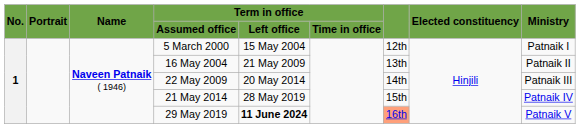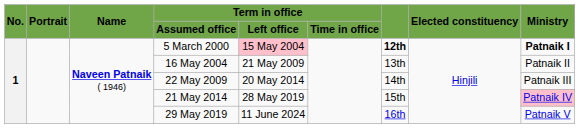 <table class="wikitable sortable" style="text-align:center;">
 <tr>
 <th rowspan=2 style="background-color:#70A548;color:black">No.</th>
 <th rowspan=2 style="background-color:#70A548;color:black">Portrait</th>
 <th rowspan=2 style="background-color:#70A548;color:black">Name<br></th>
 <th colspan=3 style="background-color:#70A548;color:black">Term in office</th>
 <th rowspan=2 style="background-color:#70A548;color:black"><a href='#'></a><br></th>
 <th rowspan=2 style="background-color:#70A548;color:black">Elected constituency</th>
 <th rowspan=2 style="background-color:#70A548;color:black">Ministry</th>
 </tr>
 <tr>
 <th style="background-color:#70A548;color:black">Assumed office</th>
 <th style="background-color:#70A548;color:black">Left office</th>
 <th style="background-color:#70A548;color:black">Time in office</th>
 </tr>
 <tr>
 <th rowspan=5>1</th>
 <td rowspan=5></td>
 <td rowspan=5><strong><a href='#'>Naveen Patnaik</a></strong><br><small>( 1946)</small></td>
 <td>5 March 2000</td>
-<td>15 May 2004</td>
+<td style="background: pink;">15 May 2004</td>
 <td rowspan=5></td>
-<td>12th<br></td>
+<td><strong>12th<br></strong></td>
 <td rowspan=5><a href='#'>Hinjili</a></td>
-<td>Patnaik I</td>
+<td><strong>Patnaik I</strong></td>
 </tr>
 <tr>
 <td>16 May 2004</td>
 <td>21 May 2009</td>
 <td>13th<br></td>
 <td>Patnaik II</td>
 </tr>
 <tr>
 <td>22 May 2009</td>
 <td>20 May 2014</td>
 <td>14th<br></td>
 <td>Patnaik III</td>
 </tr>
 <tr>
 <td>21 May 2014</td>
 <td>28 May 2019</td>
 <td>15th<br></td>
-<td><a href='#'>Patnaik IV</a></td>
+<td style="background: pink;"><a href='#'>Patnaik IV</a></td>
 </tr>
 <tr>
 <td>29 May 2019</td>
-<td><strong>11 June 2024</strong></td>
-<td style="background: lightsalmon;"><a href='#'>16th</a><br></td>
+<td>11 June 2024</td>
+<td><a href='#'>16th</a><br></td>
 <td><a href='#'>Patnaik V</a></td>
 </tr>
 </table>
